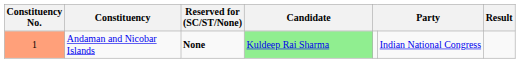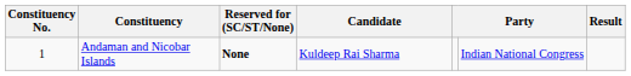 <table class= "wikitable sortable">
 <tr>
 <th>Constituency <br> No.</th>
 <th style="width:180px;">Constituency</th>
 <th>Reserved for<br>(SC/ST/None)</th>
 <th style="width:200px;">Candidate</th>
 <th colspan="2">Party</th>
 <th>Result</th>
 </tr>
 <tr>
-<td align="center" style="background: lightsalmon;">1</td>
+<td align="center">1</td>
 <td><a href='#'>Andaman and Nicobar Islands</a></td>
 <td><strong>None</strong></td>
-<td style="background: lightgreen;"><a href='#'>Kuldeep Rai Sharma</a></td>
+<td><a href='#'>Kuldeep Rai Sharma</a></td>
 <td bgcolor=></td>
 <td><a href='#'>Indian National Congress</a></td>
 <td></td>
 </tr>
 </table>
